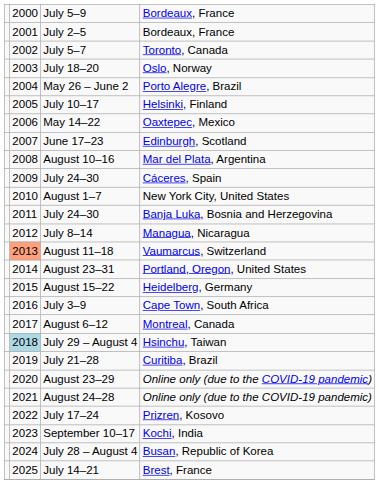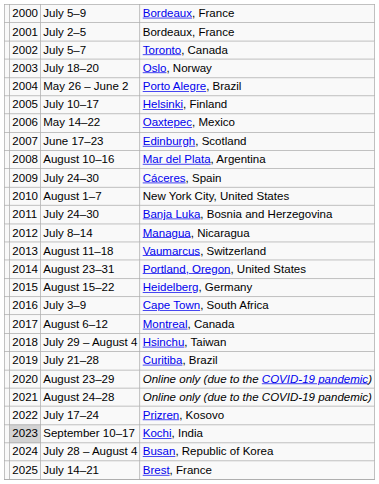 <table class="wikitable">
 <tr>
 <td></td>
 <td>2000</td>
 <td>July 5–9</td>
 <td><a href='#'>Bordeaux</a>, France</td>
 </tr>
 <tr>
 <td></td>
 <td>2001</td>
 <td>July 2–5</td>
 <td>Bordeaux, France</td>
 </tr>
 <tr>
 <td></td>
 <td>2002</td>
 <td>July 5–7</td>
 <td><a href='#'>Toronto</a>, Canada</td>
 </tr>
 <tr>
 <td></td>
 <td>2003</td>
 <td>July 18–20</td>
 <td><a href='#'>Oslo</a>, Norway</td>
 </tr>
 <tr>
 <td></td>
 <td>2004</td>
 <td>May 26 – June 2</td>
 <td><a href='#'>Porto Alegre</a>, Brazil</td>
 </tr>
 <tr>
 <td></td>
 <td>2005</td>
 <td>July 10–17</td>
 <td><a href='#'>Helsinki</a>, Finland</td>
 </tr>
 <tr>
 <td></td>
 <td>2006</td>
 <td>May 14–22</td>
 <td><a href='#'>Oaxtepec</a>, Mexico</td>
 </tr>
 <tr>
 <td></td>
 <td>2007</td>
 <td>June 17–23</td>
 <td><a href='#'>Edinburgh</a>, Scotland</td>
 </tr>
 <tr>
 <td></td>
 <td>2008</td>
 <td>August 10–16</td>
 <td><a href='#'>Mar del Plata</a>, Argentina</td>
 </tr>
 <tr>
 <td></td>
 <td>2009</td>
 <td>July 24–30</td>
 <td><a href='#'>Cáceres</a>, Spain</td>
 </tr>
 <tr>
 <td></td>
 <td>2010</td>
 <td>August 1–7</td>
 <td>New York City, United States</td>
 </tr>
 <tr>
 <td></td>
 <td>2011</td>
 <td>July 24–30</td>
 <td><a href='#'>Banja Luka</a>, Bosnia and Herzegovina</td>
 </tr>
 <tr>
 <td></td>
 <td>2012</td>
 <td>July 8–14</td>
 <td><a href='#'>Managua</a>, Nicaragua</td>
 </tr>
 <tr>
 <td></td>
-<td style="background: lightsalmon;">2013</td>
+<td>2013</td>
 <td>August 11–18</td>
 <td><a href='#'>Vaumarcus</a>, Switzerland</td>
 </tr>
 <tr>
 <td></td>
 <td>2014</td>
 <td>August 23–31</td>
 <td><a href='#'>Portland, Oregon</a>, United States</td>
 </tr>
 <tr>
 <td></td>
 <td>2015</td>
 <td>August 15–22</td>
 <td><a href='#'>Heidelberg</a>, Germany</td>
 </tr>
 <tr>
 <td></td>
 <td>2016</td>
 <td>July 3–9</td>
 <td><a href='#'>Cape Town</a>, South Africa</td>
 </tr>
 <tr>
 <td></td>
 <td>2017</td>
 <td>August 6–12</td>
 <td><a href='#'>Montreal</a>, Canada</td>
 </tr>
 <tr>
 <td></td>
-<td style="background: lightblue;">2018</td>
+<td>2018</td>
 <td>July 29 – August 4</td>
 <td><a href='#'>Hsinchu</a>, Taiwan</td>
 </tr>
 <tr>
 <td></td>
 <td>2019</td>
 <td>July 21–28</td>
 <td><a href='#'>Curitiba</a>, Brazil</td>
 </tr>
 <tr>
 <td></td>
 <td>2020</td>
 <td>August 23–29</td>
 <td><em>Online only (due to the <a href='#'>COVID-19 pandemic</a>)</em></td>
 </tr>
 <tr>
 <td></td>
 <td>2021</td>
 <td>August 24–28</td>
 <td><em>Online only (due to the COVID-19 pandemic)</em></td>
 </tr>
 <tr>
 <td></td>
 <td>2022</td>
 <td>July 17–24</td>
 <td><a href='#'>Prizren</a>, Kosovo</td>
 </tr>
 <tr>
 <td></td>
-<td>2023</td>
+<td style="background: lightgrey;">2023</td>
 <td>September 10–17</td>
 <td><a href='#'>Kochi</a>, India</td>
 </tr>
 <tr>
 <td></td>
 <td>2024</td>
 <td>July 28 – August 4</td>
 <td><a href='#'>Busan</a>, Republic of Korea</td>
 </tr>
 <tr>
 <td></td>
 <td>2025</td>
 <td>July 14–21</td>
 <td><a href='#'>Brest</a>, France</td>
 </tr>
 <tr>
 </tr>
 </table>
